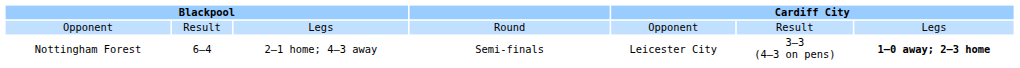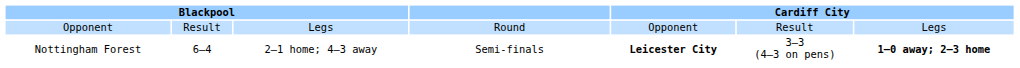 <table style="width:100%; background:white;">
 <tr style="vertical-align:top; background:#9cf;">
 <th colspan=3 style="width:40%"><strong>Blackpool</strong></th>
 <th style="width:20%"></th>
 <th colspan=3 style="width:40%"><strong>Cardiff City</strong></th>
 </tr>
 <tr style="text-align:center; vertical-align:top; background:#c1e0ff;">
 <td>Opponent</td>
 <td>Result</td>
 <td>Legs</td>
 <td>Round</td>
 <td>Opponent</td>
 <td>Result</td>
 <td>Legs</td>
 </tr>
 <tr style="text-align:center;">
 <td>Nottingham Forest</td>
 <td>6–4</td>
 <td>2–1 home; 4–3 away</td>
 <td>Semi-finals</td>
-<td>Leicester City</td>
+<td><strong>Leicester City</strong></td>
 <td>3–3 <br>(4–3 on pens)</td>
 <td><strong>1–0 away; 2–3 home</strong></td>
 </tr>
 </table>
